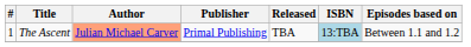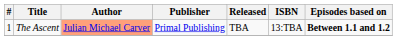 <table class="wikitable">
 <tr>
 <th>#</th>
 <th>Title</th>
 <th>Author</th>
 <th>Publisher</th>
 <th>Released</th>
 <th>ISBN</th>
 <th>Episodes based on</th>
 </tr>
 <tr>
 <td>1</td>
 <td><em>The Ascent</em></td>
 <td style="background: lightsalmon;"><a href='#'>Julian Michael Carver</a></td>
 <td><a href='#'>Primal Publishing</a></td>
 <td>TBA</td>
-<td style="background: lightblue;">13:TBA</td>
-<td>Between 1.1 and 1.2</td>
+<td>13:TBA</td>
+<td><strong>Between 1.1 and 1.2</strong></td>
 </tr>
 <tr>
 </tr>
 </table>
